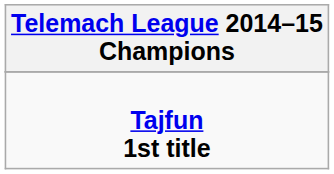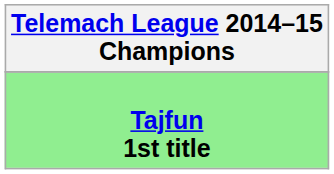 <table class="wikitable" style="text-align: center; margin: 0 auto;">
 <tr>
 <th><a href='#'>Telemach League</a> 2014–15<br>Champions</th>
 </tr>
 <tr>
 </tr>
 <tr>
-<td> <br><strong><a href='#'>Tajfun</a></strong><br><strong>1st title</strong></td>
+<td style="background: lightgreen;"> <br><strong><a href='#'>Tajfun</a></strong><br><strong>1st title</strong></td>
 </tr>
 </table>
